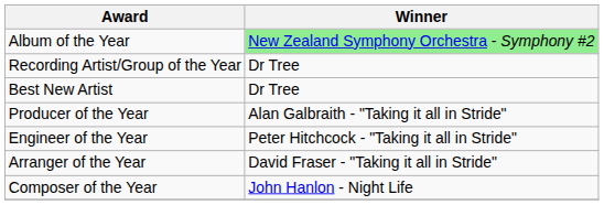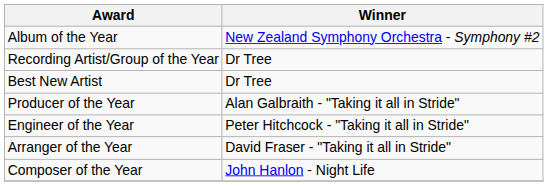 <table class="wikitable">
 <tr>
 <th>Award</th>
 <th>Winner</th>
 </tr>
 <tr>
 <td>Album of the Year</td>
-<td style="background: lightgreen;"><a href='#'>New Zealand Symphony Orchestra</a> - <em>Symphony #2</em></td>
+<td><a href='#'>New Zealand Symphony Orchestra</a> - <em>Symphony #2</em></td>
 </tr>
 <tr>
 <td>Recording Artist/Group of the Year</td>
 <td>Dr Tree</td>
 </tr>
 <tr>
 <td>Best New Artist</td>
 <td>Dr Tree</td>
 </tr>
 <tr>
 <td>Producer of the Year</td>
 <td>Alan Galbraith - "Taking it all in Stride"</td>
 </tr>
 <tr>
 <td>Engineer of the Year</td>
 <td>Peter Hitchcock - "Taking it all in Stride"</td>
 </tr>
 <tr>
 <td>Arranger of the Year</td>
 <td>David Fraser - "Taking it all in Stride"</td>
 </tr>
 <tr>
 <td>Composer of the Year</td>
 <td><a href='#'>John Hanlon</a> - Night Life</td>
 </tr>
 <tr>
 </tr>
 </table>
